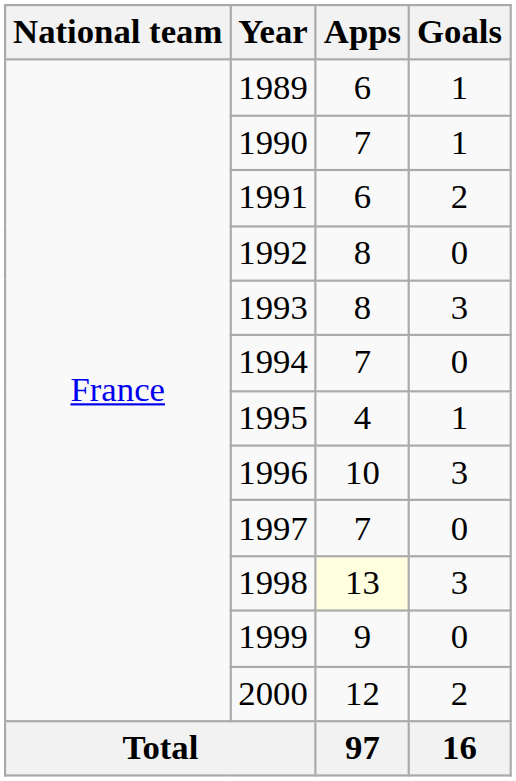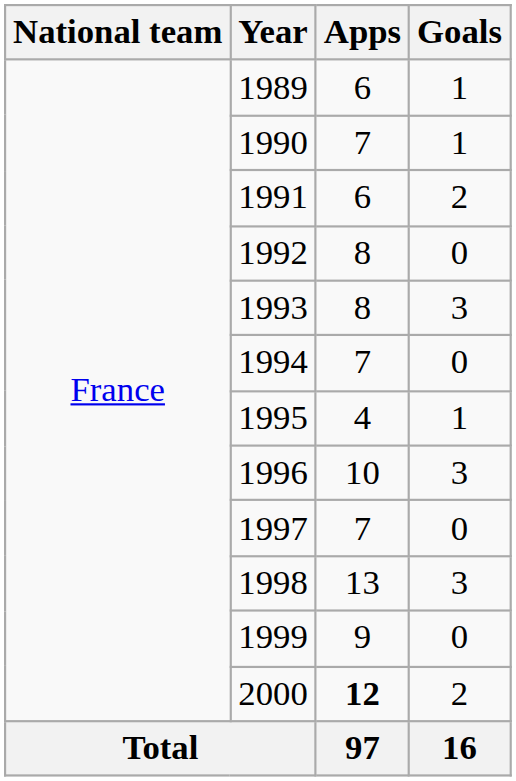 <table class="wikitable" style="text-align:center">
 <tr>
 <th>National team</th>
 <th>Year</th>
 <th>Apps</th>
 <th>Goals</th>
 </tr>
 <tr>
 <td rowspan="12"><a href='#'>France</a></td>
 <td>1989</td>
 <td>6</td>
 <td>1</td>
 </tr>
 <tr>
 <td>1990</td>
 <td>7</td>
 <td>1</td>
 </tr>
 <tr>
 <td>1991</td>
 <td>6</td>
 <td>2</td>
 </tr>
 <tr>
 <td>1992</td>
 <td>8</td>
 <td>0</td>
 </tr>
 <tr>
 <td>1993</td>
 <td>8</td>
 <td>3</td>
 </tr>
 <tr>
 <td>1994</td>
 <td>7</td>
 <td>0</td>
 </tr>
 <tr>
 <td>1995</td>
 <td>4</td>
 <td>1</td>
 </tr>
 <tr>
 <td>1996</td>
 <td>10</td>
 <td>3</td>
 </tr>
 <tr>
 <td>1997</td>
 <td>7</td>
 <td>0</td>
 </tr>
 <tr>
 <td>1998</td>
-<td style="background: lightyellow;">13</td>
+<td>13</td>
 <td>3</td>
 </tr>
 <tr>
 <td>1999</td>
 <td>9</td>
 <td>0</td>
 </tr>
 <tr>
 <td>2000</td>
-<td>12</td>
+<td><strong>12</strong></td>
 <td>2</td>
 </tr>
 <tr>
 <th colspan="2">Total</th>
 <th>97</th>
 <th>16</th>
 </tr>
 </table>
